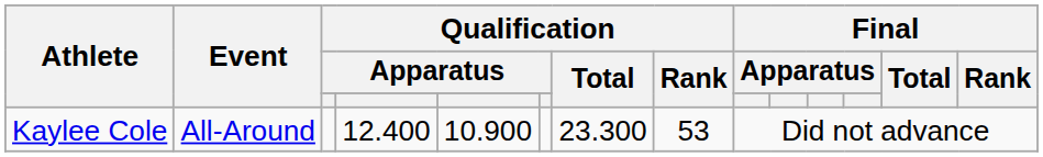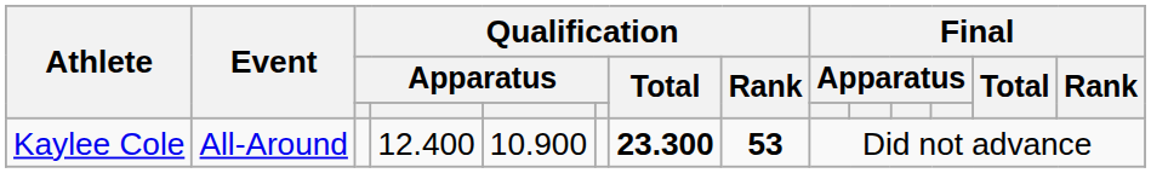 <table class="wikitable" style="font-size:90%">
 <tr>
 <th rowspan=3>Athlete</th>
 <th rowspan=3>Event</th>
 <th colspan =6>Qualification</th>
 <th colspan =6>Final</th>
 </tr>
 <tr style="font-size:95%">
 <th colspan=4>Apparatus</th>
 <th rowspan=2>Total</th>
 <th rowspan=2>Rank</th>
 <th colspan=4>Apparatus</th>
 <th rowspan=2>Total</th>
 <th rowspan=2>Rank</th>
 </tr>
 <tr style="font-size:95%">
 <th></th>
 <th></th>
 <th></th>
 <th></th>
 <th></th>
 <th></th>
 <th></th>
 <th></th>
 </tr>
 <tr align=center>
 <td align=left><a href='#'>Kaylee Cole</a></td>
 <td style="text-align:left;"><a href='#'>All-Around</a></td>
 <td></td>
 <td>12.400</td>
 <td>10.900</td>
 <td></td>
-<td>23.300</td>
-<td>53</td>
+<td><strong>23.300</strong></td>
+<td><strong>53</strong></td>
 <td colspan=6>Did not advance</td>
 </tr>
 </table>
